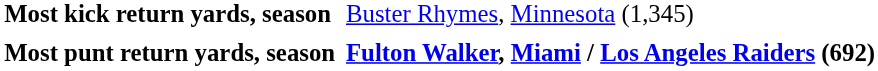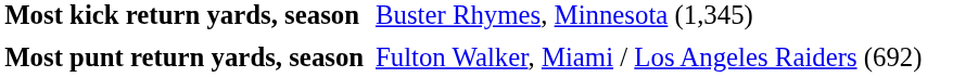 <table cellpadding="3" cellspacing="1">
 <tr>
 <td><strong>Most kick return yards, season</strong></td>
 <td><a href='#'>Buster Rhymes</a>, <a href='#'>Minnesota</a> (1,345)</td>
 </tr>
 <tr>
 <td><strong>Most punt return yards, season</strong></td>
-<td><strong><a href='#'>Fulton Walker</a>, <a href='#'>Miami</a> / <a href='#'>Los Angeles Raiders</a> (692)</strong></td>
+<td><a href='#'>Fulton Walker</a>, <a href='#'>Miami</a> / <a href='#'>Los Angeles Raiders</a> (692)</td>
 </tr>
 </table>
